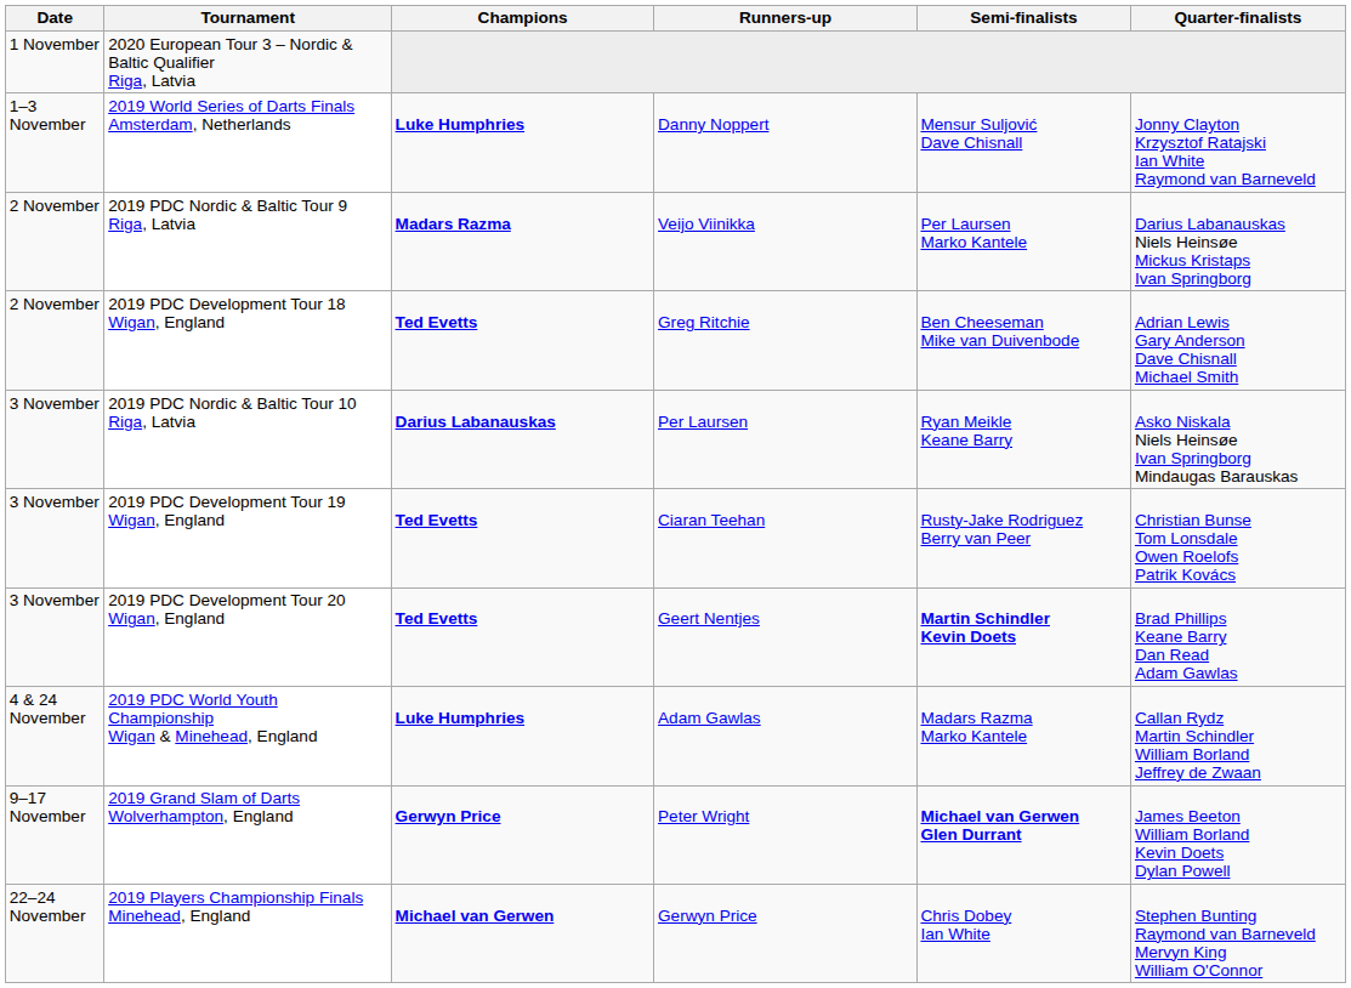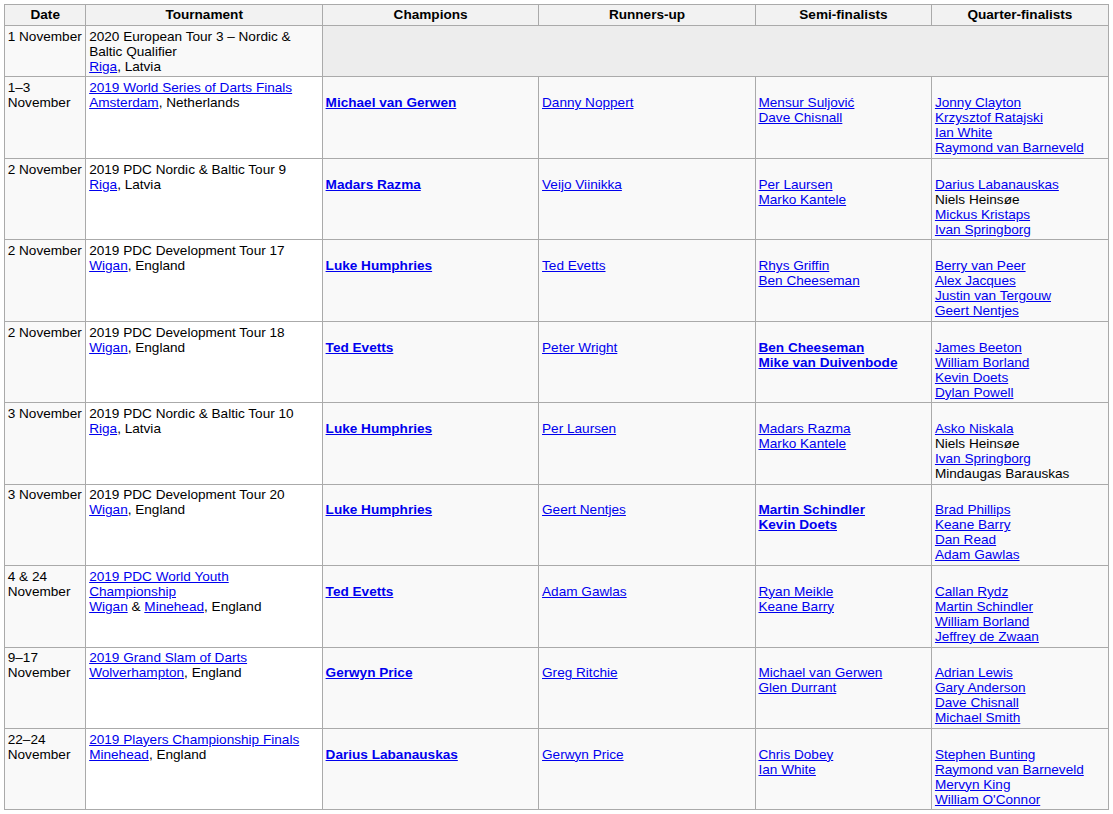 <table class=wikitable style=font-size:85%>
 <tr>
 <th width=75>Date</th>
 <th width=230>Tournament</th>
 <th width=210>Champions</th>
 <th width=210>Runners-up</th>
 <th width=170>Semi-finalists</th>
 <th width=170>Quarter-finalists</th>
 </tr>
 <tr valign="top">
 <td rowspan=1>1 November</td>
 <td>2020 European Tour 3 – Nordic & Baltic Qualifier <br><a href='#'>Riga</a>, Latvia</td>
 <td colspan=4 bgcolor="#ededed"></td>
 </tr>
 <tr valign="top">
 <td>1–3 November</td>
 <td bgcolor="#ffffff"><a href='#'>2019 World Series of Darts Finals</a><br><a href='#'>Amsterdam</a>, Netherlands</td>
-<td><br> <strong><a href='#'>Luke Humphries</a></strong></td>
+<td><br> <strong><a href='#'>Michael van Gerwen</a></strong></td>
 <td><br> <a href='#'>Danny Noppert</a></td>
 <td><br> <a href='#'>Mensur Suljović</a> <br>  <a href='#'>Dave Chisnall</a></td>
 <td><br> <a href='#'>Jonny Clayton</a> <br>  <a href='#'>Krzysztof Ratajski</a> <br>  <a href='#'>Ian White</a> <br>  <a href='#'>Raymond van Barneveld</a></td>
 </tr>
 <tr valign="top">
 <td>2 November</td>
 <td bgcolor="#ffffff">2019 PDC Nordic & Baltic Tour 9<br><a href='#'>Riga</a>, Latvia</td>
 <td><br> <strong><a href='#'>Madars Razma</a></strong></td>
 <td><br> <a href='#'>Veijo Viinikka</a></td>
 <td><br> <a href='#'>Per Laursen</a> <br>  <a href='#'>Marko Kantele</a></td>
 <td><br> <a href='#'>Darius Labanauskas</a> <br>  Niels Heinsøe <br>  <a href='#'>Mickus Kristaps</a> <br>  <a href='#'>Ivan Springborg</a></td>
 </tr>
 <tr valign="top">
 <td>2 November</td>
+<td bgcolor="#ffffff">2019 PDC Development Tour 17<br><a href='#'>Wigan</a>, England</td>
+<td><br> <strong><a href='#'>Luke Humphries</a></strong></td>
+<td><br> <a href='#'>Ted Evetts</a></td>
+<td><br> <a href='#'>Rhys Griffin</a> <br>  <a href='#'>Ben Cheeseman</a></td>
+<td><br> <a href='#'>Berry van Peer</a> <br>  <a href='#'>Alex Jacques</a> <br>  <a href='#'>Justin van Tergouw</a> <br>  <a href='#'>Geert Nentjes</a></td>
+</tr>
+<tr valign="top">
+<td>2 November</td>
 <td bgcolor="#ffffff">2019 PDC Development Tour 18<br><a href='#'>Wigan</a>, England</td>
 <td><br> <strong><a href='#'>Ted Evetts</a></strong></td>
-<td><br> <a href='#'>Greg Ritchie</a></td>
-<td><br> <a href='#'>Ben Cheeseman</a> <br>  <a href='#'>Mike van Duivenbode</a></td>
-<td><br> <a href='#'>Adrian Lewis</a> <br>  <a href='#'>Gary Anderson</a> <br>  <a href='#'>Dave Chisnall</a> <br>  <a href='#'>Michael Smith</a></td>
+<td><br> <a href='#'>Peter Wright</a></td>
+<td><strong><br> <a href='#'>Ben Cheeseman</a> <br>  <a href='#'>Mike van Duivenbode</a></strong></td>
+<td><br> <a href='#'>James Beeton</a> <br>  <a href='#'>William Borland</a> <br>  <a href='#'>Kevin Doets</a> <br>  <a href='#'>Dylan Powell</a></td>
 </tr>
 <tr valign="top">
 <td>3 November</td>
 <td bgcolor="#ffffff">2019 PDC Nordic & Baltic Tour 10<br><a href='#'>Riga</a>, Latvia</td>
-<td><br> <strong><a href='#'>Darius Labanauskas</a></strong></td>
+<td><br> <strong><a href='#'>Luke Humphries</a></strong></td>
 <td><br> <a href='#'>Per Laursen</a></td>
-<td><br> <a href='#'>Ryan Meikle</a> <br>  <a href='#'>Keane Barry</a></td>
+<td><br> <a href='#'>Madars Razma</a> <br>  <a href='#'>Marko Kantele</a></td>
 <td><br> <a href='#'>Asko Niskala</a> <br>  Niels Heinsøe  <br>  <a href='#'>Ivan Springborg</a> <br>  Mindaugas Barauskas</td>
 </tr>
 <tr valign="top">
 <td>3 November</td>
-<td bgcolor="#ffffff">2019 PDC Development Tour 19<br><a href='#'>Wigan</a>, England</td>
-<td><br> <strong><a href='#'>Ted Evetts</a></strong></td>
-<td><br> <a href='#'>Ciaran Teehan</a></td>
-<td><br> <a href='#'>Rusty-Jake Rodriguez</a> <br>  <a href='#'>Berry van Peer</a></td>
-<td><br> <a href='#'>Christian Bunse</a> <br>  <a href='#'>Tom Lonsdale</a> <br>  <a href='#'>Owen Roelofs</a> <br>  <a href='#'>Patrik Kovács</a></td>
-</tr>
-<tr valign="top">
-<td>3 November</td>
 <td bgcolor="#ffffff">2019 PDC Development Tour 20<br><a href='#'>Wigan</a>, England</td>
-<td><br> <strong><a href='#'>Ted Evetts</a></strong></td>
+<td><br> <strong><a href='#'>Luke Humphries</a></strong></td>
 <td><br> <a href='#'>Geert Nentjes</a></td>
 <td><strong><br> <a href='#'>Martin Schindler</a> <br>  <a href='#'>Kevin Doets</a></strong></td>
 <td><br> <a href='#'>Brad Phillips</a> <br>  <a href='#'>Keane Barry</a> <br>  <a href='#'>Dan Read</a> <br>  <a href='#'>Adam Gawlas</a></td>
 </tr>
 <tr valign="top">
 <td>4 & 24 November</td>
 <td bgcolor="#ffffff"><a href='#'>2019 PDC World Youth Championship</a><br><a href='#'>Wigan</a> & <a href='#'>Minehead</a>, England</td>
-<td><br> <strong><a href='#'>Luke Humphries</a></strong></td>
+<td><br> <strong><a href='#'>Ted Evetts</a></strong></td>
 <td><br> <a href='#'>Adam Gawlas</a></td>
-<td><br> <a href='#'>Madars Razma</a> <br>  <a href='#'>Marko Kantele</a></td>
+<td><br> <a href='#'>Ryan Meikle</a> <br>  <a href='#'>Keane Barry</a></td>
 <td><br> <a href='#'>Callan Rydz</a> <br>  <a href='#'>Martin Schindler</a> <br>  <a href='#'>William Borland</a> <br>  <a href='#'>Jeffrey de Zwaan</a></td>
 </tr>
 <tr valign="top">
 <td>9–17 November</td>
 <td bgcolor="#ffffff"><a href='#'>2019 Grand Slam of Darts</a><br><a href='#'>Wolverhampton</a>, England</td>
 <td><br> <strong><a href='#'>Gerwyn Price</a></strong></td>
-<td><br> <a href='#'>Peter Wright</a></td>
-<td><strong><br> <a href='#'>Michael van Gerwen</a> <br>  <a href='#'>Glen Durrant</a></strong></td>
-<td><br> <a href='#'>James Beeton</a> <br>  <a href='#'>William Borland</a> <br>  <a href='#'>Kevin Doets</a> <br>  <a href='#'>Dylan Powell</a></td>
+<td><br> <a href='#'>Greg Ritchie</a></td>
+<td><br> <a href='#'>Michael van Gerwen</a> <br>  <a href='#'>Glen Durrant</a></td>
+<td><br> <a href='#'>Adrian Lewis</a> <br>  <a href='#'>Gary Anderson</a> <br>  <a href='#'>Dave Chisnall</a> <br>  <a href='#'>Michael Smith</a></td>
 </tr>
 <tr valign="top">
 <td>22–24 November</td>
 <td bgcolor="#ffffff"><a href='#'>2019 Players Championship Finals</a><br><a href='#'>Minehead</a>, England</td>
-<td><br> <strong><a href='#'>Michael van Gerwen</a></strong></td>
+<td><br> <strong><a href='#'>Darius Labanauskas</a></strong></td>
 <td><br> <a href='#'>Gerwyn Price</a></td>
 <td><br> <a href='#'>Chris Dobey</a> <br>  <a href='#'>Ian White</a></td>
 <td><br> <a href='#'>Stephen Bunting</a> <br>  <a href='#'>Raymond van Barneveld</a> <br>  <a href='#'>Mervyn King</a> <br>  <a href='#'>William O'Connor</a></td>
 </tr>
 </table>
